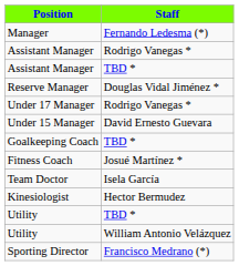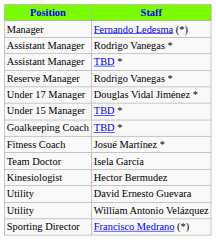 <table class="wikitable">
 <tr>
 <th style="color:Blue; background:#7CFC00;">Position</th>
 <th style="color:Blue; background:#7CFC00;">Staff</th>
 </tr>
 <tr>
 <td>Manager</td>
 <td> <a href='#'>Fernando Ledesma</a> (*)</td>
 </tr>
 <tr>
 <td>Assistant Manager</td>
 <td> Rodrigo Vanegas *</td>
 </tr>
 <tr>
 <td>Assistant Manager</td>
 <td> <a href='#'>TBD</a> *</td>
 </tr>
 <tr>
 <td>Reserve Manager</td>
+<td> Rodrigo Vanegas *</td>
+</tr>
+<tr>
+<td>Under 17 Manager</td>
 <td> Douglas Vidal Jiménez *</td>
 </tr>
 <tr>
-<td>Under 17 Manager</td>
-<td> Rodrigo Vanegas *</td>
-</tr>
-<tr>
 <td>Under 15 Manager</td>
-<td> David Ernesto Guevara</td>
+<td> <a href='#'>TBD</a> *</td>
 </tr>
 <tr>
 <td>Goalkeeping Coach</td>
 <td> <a href='#'>TBD</a> *</td>
 </tr>
 <tr>
 <td>Fitness Coach</td>
 <td> Josué Martínez *</td>
 </tr>
 <tr>
 <td>Team Doctor</td>
 <td>  Isela García</td>
 </tr>
 <tr>
 <td>Kinesiologist</td>
 <td>  Hector Bermudez</td>
 </tr>
 <tr>
 <td>Utility</td>
-<td> <a href='#'>TBD</a> *</td>
+<td> David Ernesto Guevara</td>
 </tr>
 <tr>
 <td>Utility</td>
 <td> William Antonio Velázquez</td>
 </tr>
 <tr>
 <td>Sporting Director</td>
 <td> <a href='#'>Francisco Medrano</a>  (*)</td>
 </tr>
 </table>
